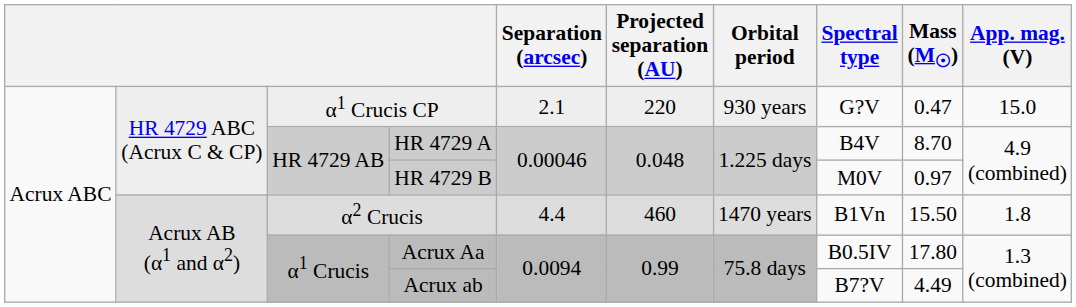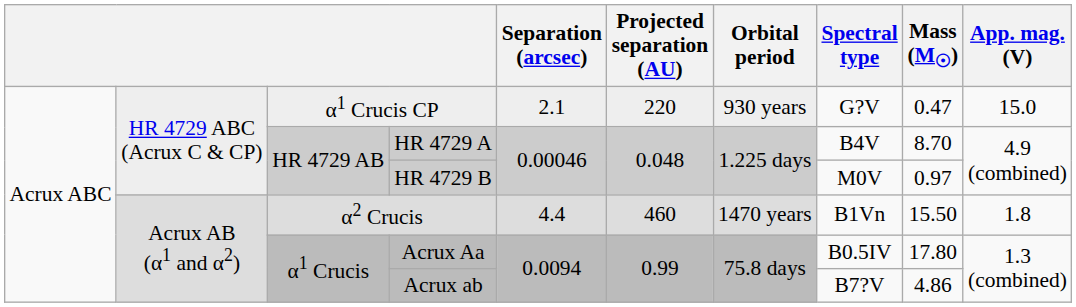 <table class="wikitable">
 <tr>
 <th colspan=4></th>
 <th>Separation<br>(<a href='#'>arcsec</a>)</th>
 <th>Projected<br>separation<br>(<a href='#'>AU</a>)</th>
 <th>Orbital<br>period</th>
 <th><a href='#'>Spectral<br>type</a></th>
 <th>Mass<br>(<a href='#'>M<sub>☉</sub></a>)</th>
 <th><a href='#'>App. mag.</a><br>(V)</th>
 </tr>
 <tr>
 <td align=center rowspan=6>Acrux ABC</td>
 <td align=center rowspan=3 style="background-color: #EEEEEE"><a href='#'>HR 4729</a> ABC<br>(Acrux C & CP)<br></td>
 <td align=center colspan=2 style="background-color: #EEEEEE">α<sup>1</sup> Crucis CP</td>
 <td align=center style="background-color: #EEEEEE">2.1</td>
 <td align=center style="background-color: #EEEEEE">220</td>
 <td align=center style="background-color: #EEEEEE">930 years</td>
 <td align=center style="background: ">G?V</td>
 <td align=center>0.47</td>
 <td align=center>15.0</td>
 </tr>
 <tr>
 <td align=center rowspan=2 style="background-color: #CCCCCC">HR 4729 AB</td>
 <td align=center style="background-color: #CCCCCC">HR 4729 A</td>
 <td rowspan=2 align=center style="background-color: #CCCCCC">0.00046</td>
 <td rowspan=2 align=center style="background-color: #CCCCCC">0.048</td>
 <td rowspan=2 align=center style="background-color: #CCCCCC">1.225 days</td>
 <td align=center style="background: ">B4V</td>
 <td align=center>8.70</td>
 <td align=center rowspan=2>4.9<br>(combined)</td>
 </tr>
 <tr>
 <td align=center style="background-color: #CCCCCC">HR 4729 B</td>
 <td align=center style="background: ">M0V</td>
 <td align=center>0.97</td>
 </tr>
 <tr>
 <td align=center rowspan=3 style="background-color: #DDDDDD">Acrux AB<br>(α<sup>1</sup> and α<sup>2</sup>)<br></td>
 <td align=center colspan=2 style="background-color: #DDDDDD">α<sup>2</sup> Crucis</td>
 <td align=center style="background-color: #DDDDDD">4.4</td>
 <td align=center style="background-color: #DDDDDD">460</td>
 <td align=center style="background-color: #DDDDDD">1470 years</td>
 <td align=center style="background: ">B1Vn</td>
 <td align=center>15.50</td>
 <td align=center>1.8</td>
 </tr>
 <tr>
 <td align=center rowspan=2 style="background-color: #BBBBBB">α<sup>1</sup> Crucis</td>
 <td align=center style="background-color: #BBBBBB">Acrux Aa</td>
 <td align=center rowspan=2 style="background-color: #BBBBBB">0.0094</td>
 <td align=center rowspan=2 style="background-color: #BBBBBB">0.99</td>
 <td align=center rowspan=2 style="background-color: #BBBBBB">75.8 days</td>
 <td align=center style="background: ">B0.5IV</td>
 <td align=center>17.80</td>
 <td align=center rowspan=2>1.3<br>(combined)</td>
 </tr>
 <tr>
 <td align=center style="background-color: #BBBBBB">Acrux ab</td>
 <td align=center style="background: ">B7?V</td>
-<td align=center>4.49</td>
+<td align=center>4.86</td>
 </tr>
 </table>
